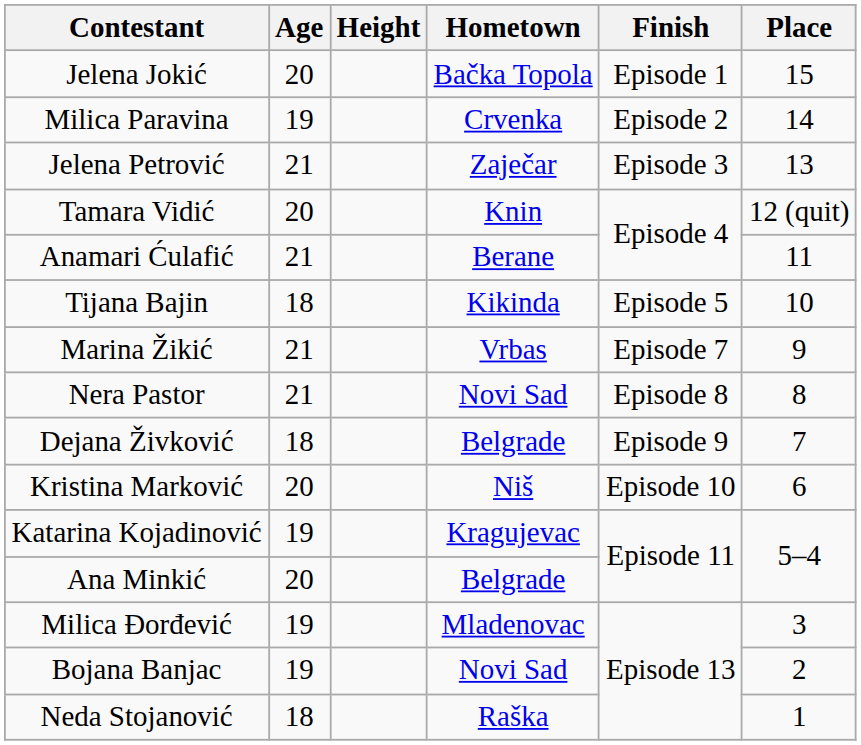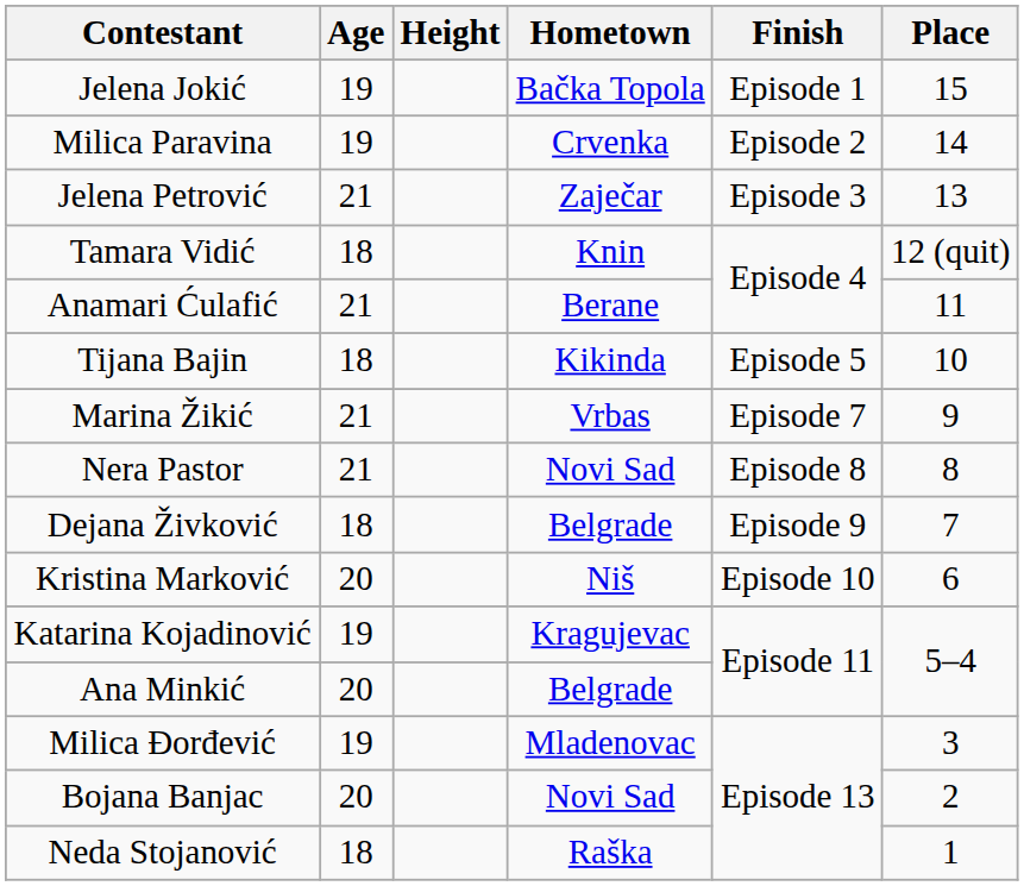 <table class="wikitable sortable" style="text-align:center;">
 <tr>
 <th>Contestant</th>
 <th>Age</th>
 <th>Height</th>
 <th>Hometown</th>
 <th>Finish</th>
 <th>Place</th>
 </tr>
 <tr>
 <td>Jelena Jokić</td>
-<td>20</td>
+<td>19</td>
 <td></td>
 <td><a href='#'>Bačka Topola</a></td>
 <td>Episode 1</td>
 <td>15</td>
 </tr>
 <tr>
 <td>Milica Paravina</td>
 <td>19</td>
 <td></td>
 <td><a href='#'>Crvenka</a></td>
 <td>Episode 2</td>
 <td>14</td>
 </tr>
 <tr>
 <td>Jelena Petrović</td>
 <td>21</td>
 <td></td>
 <td><a href='#'>Zaječar</a></td>
 <td>Episode 3</td>
 <td>13</td>
 </tr>
 <tr>
 <td>Tamara Vidić</td>
-<td>20</td>
+<td>18</td>
 <td></td>
 <td><a href='#'>Knin</a></td>
 <td rowspan="2">Episode 4</td>
 <td>12 (quit)</td>
 </tr>
 <tr>
 <td>Anamari Ćulafić</td>
 <td>21</td>
 <td></td>
 <td><a href='#'>Berane</a></td>
 <td>11</td>
 </tr>
 <tr>
 <td>Tijana Bajin</td>
 <td>18</td>
 <td></td>
 <td><a href='#'>Kikinda</a></td>
 <td>Episode 5</td>
 <td>10</td>
 </tr>
 <tr>
 <td>Marina Žikić</td>
 <td>21</td>
 <td></td>
 <td><a href='#'>Vrbas</a></td>
 <td>Episode 7</td>
 <td>9</td>
 </tr>
 <tr>
 <td>Nera Pastor</td>
 <td>21</td>
 <td></td>
 <td><a href='#'>Novi Sad</a></td>
 <td>Episode 8</td>
 <td>8</td>
 </tr>
 <tr>
 <td>Dejana Živković</td>
 <td>18</td>
 <td></td>
 <td><a href='#'>Belgrade</a></td>
 <td>Episode 9</td>
 <td>7</td>
 </tr>
 <tr>
 <td>Kristina Marković</td>
 <td>20</td>
 <td></td>
 <td><a href='#'>Niš</a></td>
 <td>Episode 10</td>
 <td>6</td>
 </tr>
 <tr>
 <td>Katarina Kojadinović</td>
 <td>19</td>
 <td></td>
 <td><a href='#'>Kragujevac</a></td>
 <td rowspan="2">Episode 11</td>
 <td rowspan="2">5–4</td>
 </tr>
 <tr>
 <td>Ana Minkić</td>
 <td>20</td>
 <td></td>
 <td><a href='#'>Belgrade</a></td>
 </tr>
 <tr>
 <td>Milica Đorđević</td>
 <td>19</td>
 <td></td>
 <td><a href='#'>Mladenovac</a></td>
 <td rowspan="3">Episode 13</td>
 <td>3</td>
 </tr>
 <tr>
 <td>Bojana Banjac</td>
-<td>19</td>
+<td>20</td>
 <td></td>
 <td><a href='#'>Novi Sad</a></td>
 <td>2</td>
 </tr>
 <tr>
 <td>Neda Stojanović</td>
 <td>18</td>
 <td></td>
 <td><a href='#'>Raška</a></td>
 <td>1</td>
 </tr>
 </table>
